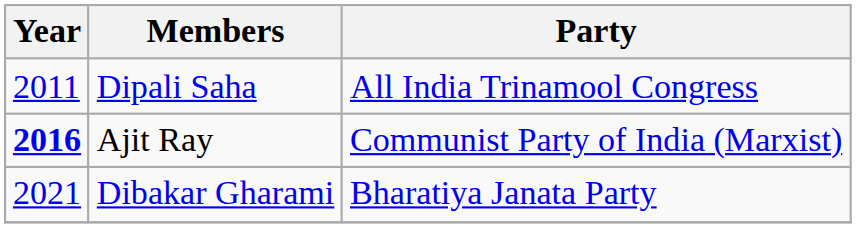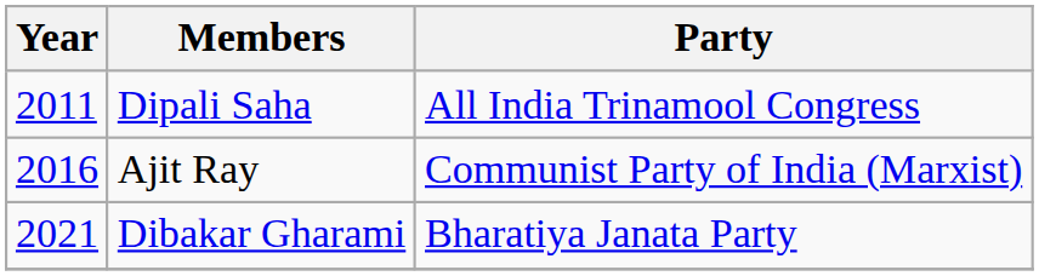 <table - class="wikitable sortable">
 <tr>
 <th>Year</th>
 <th>Members</th>
 <th>Party</th>
 </tr>
 <tr>
 <td><a href='#'>2011</a></td>
 <td><a href='#'>Dipali Saha</a></td>
 <td><a href='#'>All India Trinamool Congress</a></td>
 </tr>
 <tr>
-<td><strong><a href='#'>2016</a></strong></td>
+<td><a href='#'>2016</a></td>
 <td>Ajit Ray</td>
 <td><a href='#'>Communist Party of India (Marxist)</a></td>
 </tr>
 <tr>
 <td><a href='#'>2021</a></td>
 <td><a href='#'>Dibakar Gharami</a></td>
 <td><a href='#'>Bharatiya Janata Party</a></td>
 </tr>
 <tr>
 </tr>
 </table>
